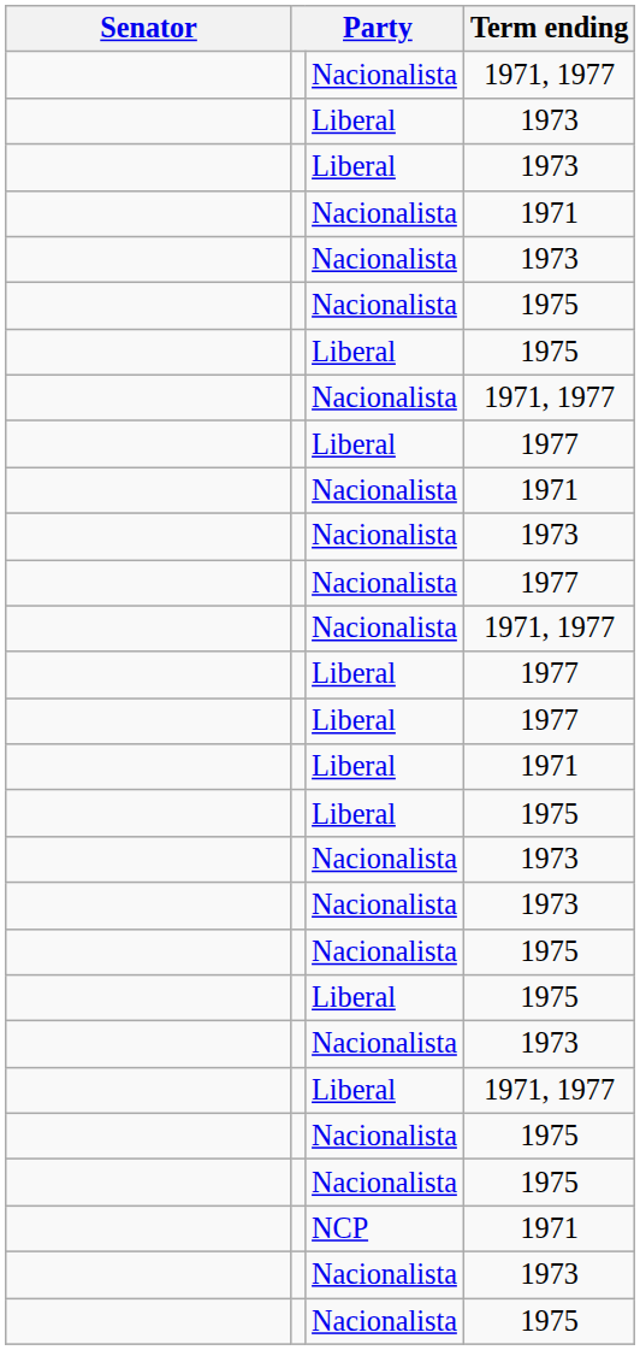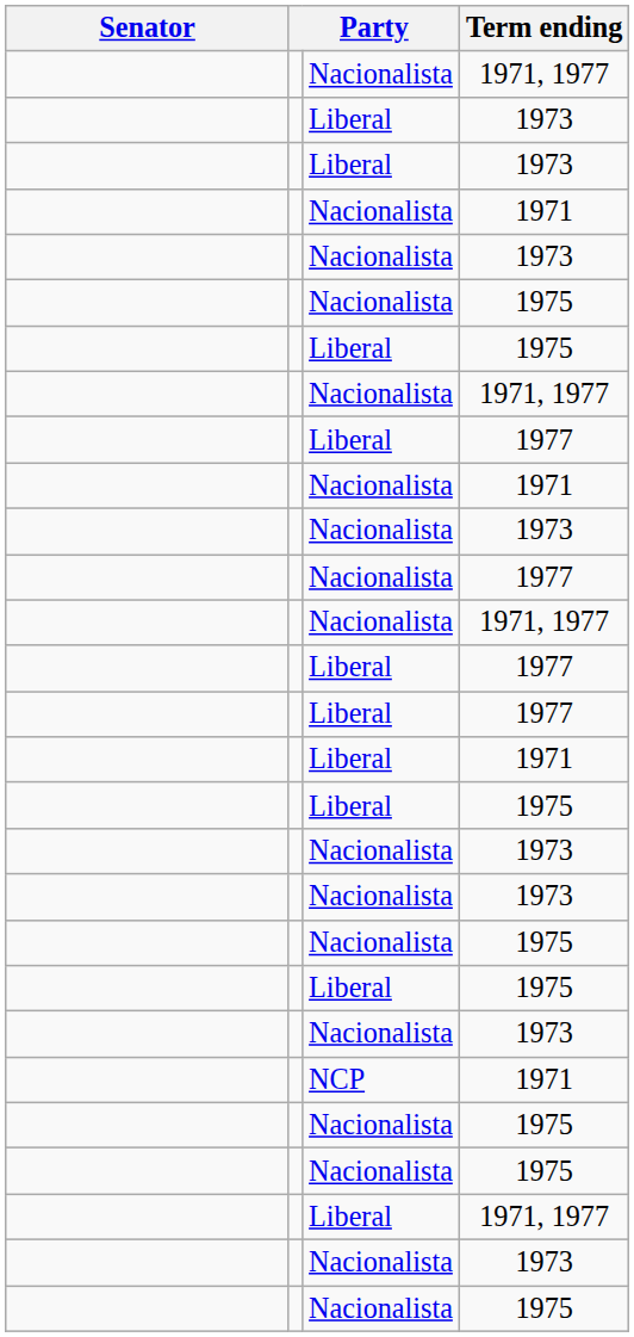 <table class="wikitable sortable">
 <tr>
 <th width="150px"><a href='#'>Senator</a></th>
 <th colspan="2"><a href='#'>Party</a></th>
 <th>Term ending</th>
 </tr>
 <tr>
 <td></td>
 <td></td>
 <td><a href='#'>Nacionalista</a></td>
 <td align="center">1971, 1977</td>
 </tr>
 <tr>
 <td></td>
 <td></td>
 <td><a href='#'>Liberal</a></td>
 <td align="center">1973</td>
 </tr>
 <tr>
 <td></td>
 <td></td>
 <td><a href='#'>Liberal</a></td>
 <td align="center">1973</td>
 </tr>
 <tr>
 <td></td>
 <td></td>
 <td><a href='#'>Nacionalista</a></td>
 <td align="center">1971</td>
 </tr>
 <tr>
 <td></td>
 <td></td>
 <td><a href='#'>Nacionalista</a></td>
 <td align="center">1973</td>
 </tr>
 <tr>
 <td></td>
 <td></td>
 <td><a href='#'>Nacionalista</a></td>
 <td align="center">1975</td>
 </tr>
 <tr>
 <td></td>
 <td></td>
 <td><a href='#'>Liberal</a></td>
 <td align="center">1975</td>
 </tr>
 <tr>
 <td></td>
 <td></td>
 <td><a href='#'>Nacionalista</a></td>
 <td align="center">1971, 1977</td>
 </tr>
 <tr>
 <td></td>
 <td></td>
 <td><a href='#'>Liberal</a></td>
 <td align="center">1977</td>
 </tr>
 <tr>
 <td></td>
 <td></td>
 <td><a href='#'>Nacionalista</a></td>
 <td align="center">1971</td>
 </tr>
 <tr>
 <td></td>
 <td></td>
 <td><a href='#'>Nacionalista</a></td>
 <td align="center">1973</td>
 </tr>
 <tr>
 <td></td>
 <td></td>
 <td><a href='#'>Nacionalista</a></td>
 <td align="center">1977</td>
 </tr>
 <tr>
 <td></td>
 <td></td>
 <td><a href='#'>Nacionalista</a></td>
 <td align="center">1971, 1977</td>
 </tr>
 <tr>
 <td></td>
 <td></td>
 <td><a href='#'>Liberal</a></td>
 <td align="center">1977</td>
 </tr>
 <tr>
 <td></td>
 <td></td>
 <td><a href='#'>Liberal</a></td>
 <td align="center">1977</td>
 </tr>
 <tr>
 <td></td>
 <td></td>
 <td><a href='#'>Liberal</a></td>
 <td align="center">1971</td>
 </tr>
 <tr>
 <td></td>
 <td></td>
 <td><a href='#'>Liberal</a></td>
 <td align="center">1975</td>
 </tr>
 <tr>
 <td></td>
 <td></td>
 <td><a href='#'>Nacionalista</a></td>
 <td align="center">1973</td>
 </tr>
 <tr>
 <td></td>
 <td></td>
 <td><a href='#'>Nacionalista</a></td>
 <td align="center">1973</td>
 </tr>
 <tr>
 <td></td>
 <td></td>
 <td><a href='#'>Nacionalista</a></td>
 <td align="center">1975</td>
 </tr>
 <tr>
 <td></td>
 <td></td>
 <td><a href='#'>Liberal</a></td>
 <td align="center">1975</td>
 </tr>
 <tr>
 <td></td>
 <td></td>
 <td><a href='#'>Nacionalista</a></td>
 <td align="center">1973</td>
 </tr>
 <tr>
 <td></td>
 <td></td>
-<td><a href='#'>Liberal</a></td>
-<td align="center">1971, 1977</td>
+<td><a href='#'>NCP</a></td>
+<td align="center">1971</td>
 </tr>
 <tr>
 <td></td>
 <td></td>
 <td><a href='#'>Nacionalista</a></td>
 <td align="center">1975</td>
 </tr>
 <tr>
 <td></td>
 <td></td>
 <td><a href='#'>Nacionalista</a></td>
 <td align="center">1975</td>
 </tr>
 <tr>
 <td></td>
 <td></td>
-<td><a href='#'>NCP</a></td>
-<td align="center">1971</td>
+<td><a href='#'>Liberal</a></td>
+<td align="center">1971, 1977</td>
 </tr>
 <tr>
 <td></td>
 <td></td>
 <td><a href='#'>Nacionalista</a></td>
 <td align="center">1973</td>
 </tr>
 <tr>
 <td></td>
 <td></td>
 <td><a href='#'>Nacionalista</a></td>
 <td align="center">1975</td>
 </tr>
 </table>
